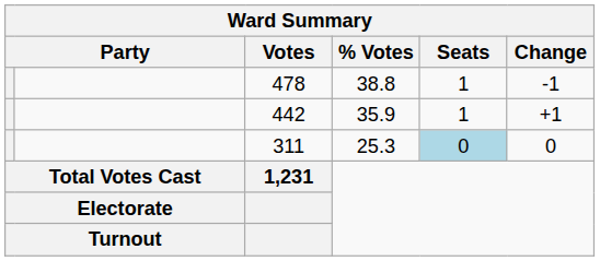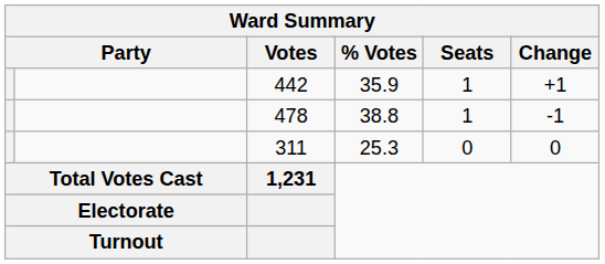 <table class="wikitable" style="font-size: 95%;">
 <tr style="background-color:#E9E9E9">
 <th colspan="6">Ward Summary</th>
 </tr>
 <tr style="background-color:#E9E9E9">
 <th colspan="2">Party</th>
 <th style="width: 60px">Votes</th>
 <th style="width: 60px">% Votes</th>
 <th style="width: 60px">Seats</th>
 <th style="width: 60px">Change</th>
 </tr>
 <tr>
 <th style="background-color: "></th>
 <td style="width: 170px"><a href='#'></a></td>
+<td align="center">442</td>
+<td align="center">35.9</td>
+<td align="center">1</td>
+<td align="center">+1</td>
+</tr>
+<tr>
+<th style="background-color: "></th>
+<td style="width: 170px"><a href='#'></a></td>
 <td align="center">478</td>
 <td align="center">38.8</td>
 <td align="center">1</td>
 <td align="center">-1</td>
 </tr>
 <tr>
 <th style="background-color: "></th>
 <td style="width: 170px"><a href='#'></a></td>
-<td align="center">442</td>
-<td align="center">35.9</td>
-<td align="center">1</td>
-<td align="center">+1</td>
-</tr>
-<tr>
-<th style="background-color: "></th>
-<td style="width: 170px"><a href='#'></a></td>
 <td align="center">311</td>
 <td align="center">25.3</td>
-<td align="center" style="background: lightblue;">0</td>
+<td align="center">0</td>
 <td align="center">0</td>
 </tr>
 <tr style="background-color:#E9E9E9">
 <th colspan="2">Total Votes Cast</th>
 <th style="width: 60px">1,231</th>
 </tr>
 <tr style="background-color:#E9E9E9">
 <th colspan="2">Electorate</th>
 <th style="width: 60px"></th>
 </tr>
 <tr style="background-color:#E9E9E9">
 <th colspan="2">Turnout</th>
 <th style="width: 60px"></th>
 </tr>
 </table>
